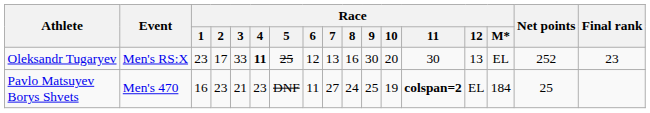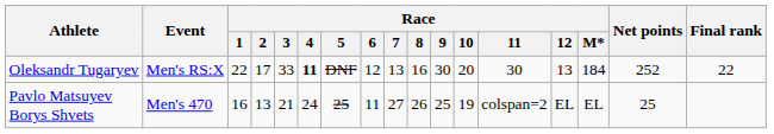 <table class="wikitable" style="font-size:90%">
 <tr>
 <th rowspan="2">Athlete</th>
 <th rowspan="2">Event</th>
 <th colspan=13>Race</th>
 <th rowspan=2>Net points</th>
 <th rowspan=2>Final rank</th>
 </tr>
 <tr style="font-size:95%">
 <th>1</th>
 <th>2</th>
 <th>3</th>
 <th>4</th>
 <th>5</th>
 <th>6</th>
 <th>7</th>
 <th>8</th>
 <th>9</th>
 <th>10</th>
 <th>11</th>
 <th>12</th>
 <th>M*</th>
 </tr>
 <tr align=center>
 <td align=left><a href='#'>Oleksandr Tugaryev</a></td>
 <td align=left><a href='#'>Men's RS:X</a></td>
-<td>23</td>
+<td>22</td>
 <td>17</td>
 <td>33</td>
 <td><strong>11</strong></td>
-<td><s>25</s></td>
+<td><s>DNF</s></td>
 <td>12</td>
 <td>13</td>
 <td>16</td>
 <td>30</td>
 <td>20</td>
 <td>30</td>
 <td>13</td>
-<td>EL</td>
+<td>184</td>
 <td>252</td>
-<td>23</td>
+<td>22</td>
 </tr>
 <tr align=center>
 <td align=left><a href='#'>Pavlo Matsuyev</a><br><a href='#'>Borys Shvets</a></td>
 <td align=left><a href='#'>Men's 470</a></td>
 <td>16</td>
-<td>23</td>
+<td>13</td>
 <td>21</td>
-<td>23</td>
-<td><s>DNF</s></td>
+<td>24</td>
+<td><s>25</s></td>
 <td>11</td>
 <td>27</td>
-<td>24</td>
+<td>26</td>
 <td>25</td>
 <td>19</td>
-<td><strong>colspan=2 </strong></td>
+<td>colspan=2 </td>
 <td>EL</td>
-<td>184</td>
+<td>EL</td>
 <td>25</td>
 </tr>
 </table>
